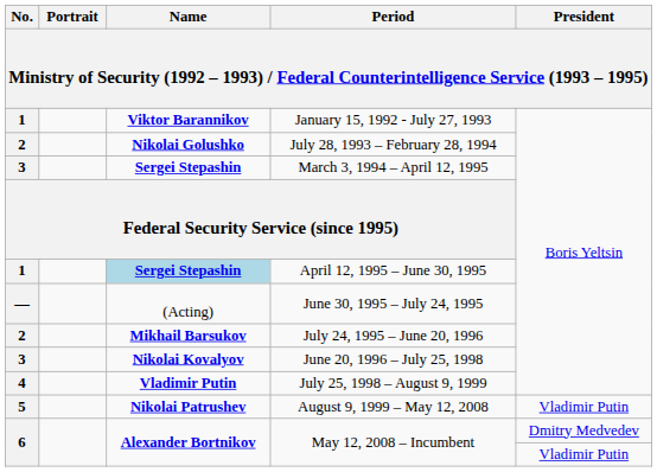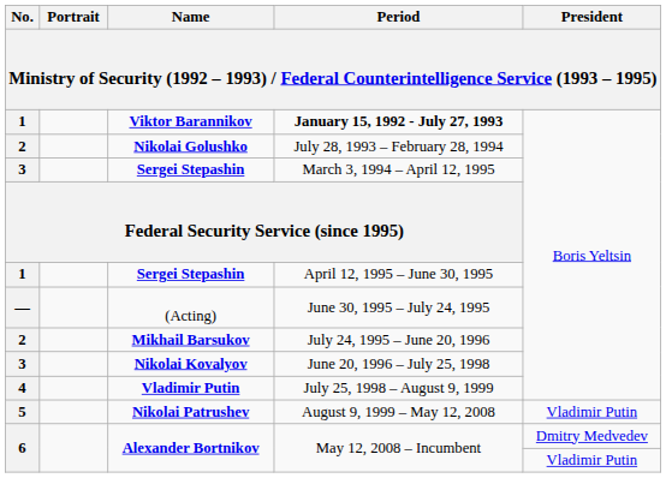 <table class="sortable wikitable" style="text-align:center">
 <tr>
 <th>No.</th>
 <th>Portrait</th>
 <th>Name</th>
 <th>Period</th>
 <th>President</th>
 </tr>
 <tr>
 <th colspan="5"><br><h3>Ministry of Security (1992 – 1993) / <a href='#'>Federal Counterintelligence Service</a> (1993 – 1995)</h3></th>
 </tr>
 <tr>
 <th>1</th>
 <td></td>
 <td><strong><a href='#'>Viktor Barannikov</a> </strong></td>
-<td>January 15, 1992 - July 27, 1993</td>
+<td><strong>January 15, 1992 - July 27, 1993</strong></td>
 <td rowspan=10><a href='#'>Boris Yeltsin</a></td>
 </tr>
 <tr>
 <th>2</th>
 <td></td>
 <td><strong><a href='#'>Nikolai Golushko</a></strong></td>
 <td>July 28, 1993 – February 28, 1994</td>
 </tr>
 <tr>
 <th>3</th>
 <td></td>
 <td><strong><a href='#'>Sergei Stepashin</a></strong></td>
 <td>March 3, 1994 – April 12, 1995</td>
 </tr>
 <tr>
 <th colspan="4"><br><h3>Federal Security Service (since 1995)</h3></th>
 </tr>
 <tr>
 <th>1</th>
 <td></td>
-<td style="background: lightblue;"><strong><a href='#'>Sergei Stepashin</a></strong></td>
+<td><strong><a href='#'>Sergei Stepashin</a></strong></td>
 <td>April 12, 1995 – June 30, 1995</td>
 </tr>
 <tr>
 <th>—</th>
 <td></td>
 <td><strong></strong><br>(Acting)</td>
 <td>June 30, 1995 – July 24, 1995</td>
 </tr>
 <tr>
 <th>2</th>
 <td></td>
 <td><strong><a href='#'>Mikhail Barsukov</a></strong></td>
 <td>July 24, 1995 – June 20, 1996</td>
 </tr>
 <tr>
 <th>3</th>
 <td></td>
 <td><strong><a href='#'>Nikolai Kovalyov</a></strong></td>
 <td>June 20, 1996 – July 25, 1998</td>
 </tr>
 <tr>
 <th>4</th>
 <td></td>
 <td><strong><a href='#'>Vladimir Putin</a></strong></td>
 <td>July 25, 1998 – August 9, 1999</td>
 </tr>
 <tr>
 <th rowspan="2">5</th>
 <td rowspan="2"></td>
 <td rowspan="2"><strong><a href='#'>Nikolai Patrushev</a></strong></td>
 <td rowspan="2">August 9, 1999 – May 12, 2008</td>
 </tr>
 <tr>
 <td><a href='#'>Vladimir Putin</a></td>
 </tr>
 <tr>
 <th rowspan="2">6</th>
 <td rowspan="2"></td>
 <td rowspan="2"><strong><a href='#'>Alexander Bortnikov</a></strong></td>
 <td rowspan="2">May 12, 2008 – Incumbent</td>
 <td><a href='#'>Dmitry Medvedev</a></td>
 </tr>
 <tr>
 <td><a href='#'>Vladimir Putin</a></td>
 </tr>
 </table>
